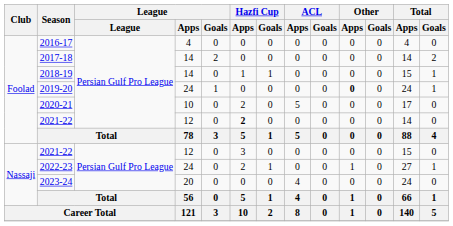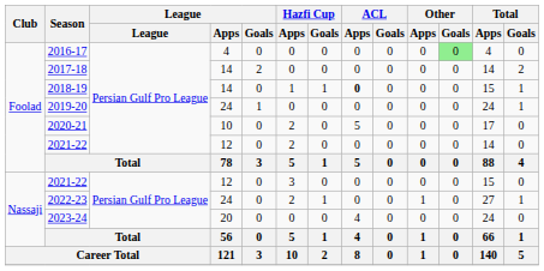 <table class="wikitable" style="text-align: center;">
 <tr>
 <th rowspan=2>Club</th>
 <th rowspan=2>Season</th>
 <th colspan=3>League</th>
 <th colspan="2"><a href='#'>Hazfi Cup</a></th>
 <th colspan="2"><a href='#'>ACL</a></th>
 <th colspan="2">Other</th>
 <th colspan="2">Total</th>
 </tr>
 <tr>
 <th>League</th>
 <th>Apps</th>
 <th>Goals</th>
 <th>Apps</th>
 <th>Goals</th>
 <th>Apps</th>
 <th>Goals</th>
 <th>Apps</th>
 <th>Goals</th>
 <th>Apps</th>
 <th>Goals</th>
 </tr>
 <tr>
 <td rowspan="7"><a href='#'>Foolad</a></td>
 <td><a href='#'>2016-17</a></td>
 <td rowspan="6"><a href='#'>Persian Gulf Pro League</a></td>
 <td>4</td>
 <td>0</td>
 <td>0</td>
 <td>0</td>
 <td>0</td>
 <td>0</td>
 <td>0</td>
-<td>0</td>
+<td style="background: lightgreen;">0</td>
 <td>4</td>
 <td>0</td>
 </tr>
 <tr>
 <td><a href='#'>2017-18</a></td>
 <td>14</td>
 <td>2</td>
 <td>0</td>
 <td>0</td>
 <td>0</td>
 <td>0</td>
 <td>0</td>
 <td>0</td>
 <td>14</td>
 <td>2</td>
 </tr>
 <tr>
 <td><a href='#'>2018-19</a></td>
 <td>14</td>
 <td>0</td>
 <td>1</td>
 <td>1</td>
-<td>0</td>
+<td><strong>0</strong></td>
 <td>0</td>
 <td>0</td>
 <td>0</td>
 <td>15</td>
 <td>1</td>
 </tr>
 <tr>
 <td><a href='#'>2019-20</a></td>
 <td>24</td>
 <td>1</td>
 <td>0</td>
 <td>0</td>
 <td>0</td>
 <td>0</td>
-<td><strong>0</strong></td>
+<td>0</td>
 <td>0</td>
 <td>24</td>
 <td>1</td>
 </tr>
 <tr>
 <td><a href='#'>2020-21</a></td>
 <td>10</td>
 <td>0</td>
 <td>2</td>
 <td>0</td>
 <td>5</td>
 <td>0</td>
 <td>0</td>
 <td>0</td>
 <td>17</td>
 <td>0</td>
 </tr>
 <tr>
 <td><a href='#'>2021-22</a></td>
 <td>12</td>
 <td>0</td>
-<td><strong>2</strong></td>
+<td>2</td>
 <td>0</td>
 <td>0</td>
 <td>0</td>
 <td>0</td>
 <td>0</td>
 <td>14</td>
 <td>0</td>
 </tr>
 <tr>
 <th colspan="2">Total</th>
 <th>78</th>
 <th>3</th>
 <th>5</th>
 <th>1</th>
 <th>5</th>
 <th>0</th>
 <th>0</th>
 <th>0</th>
 <th>88</th>
 <th>4</th>
 </tr>
 <tr>
 <td rowspan="4"><a href='#'>Nassaji</a></td>
 <td><a href='#'>2021-22</a></td>
 <td rowspan="3"><a href='#'>Persian Gulf Pro League</a></td>
 <td>12</td>
 <td>0</td>
 <td>3</td>
 <td>0</td>
 <td>0</td>
 <td>0</td>
 <td>0</td>
 <td>0</td>
 <td>15</td>
 <td>0</td>
 </tr>
 <tr>
 <td><a href='#'>2022-23</a></td>
 <td>24</td>
 <td>0</td>
 <td>2</td>
 <td>1</td>
 <td>0</td>
 <td>0</td>
 <td>1</td>
 <td>0</td>
 <td>27</td>
 <td>1</td>
 </tr>
 <tr>
 <td><a href='#'>2023-24</a></td>
 <td>20</td>
 <td>0</td>
 <td>0</td>
 <td>0</td>
 <td>4</td>
 <td>0</td>
 <td>0</td>
 <td>0</td>
 <td>24</td>
 <td>0</td>
 </tr>
 <tr>
 <th colspan="2">Total</th>
 <th>56</th>
 <th>0</th>
 <th>5</th>
 <th>1</th>
 <th>4</th>
 <th>0</th>
 <th>1</th>
 <th>0</th>
 <th>66</th>
 <th>1</th>
 </tr>
 <tr>
 <th colspan="3">Career Total</th>
 <th>121</th>
 <th>3</th>
 <th>10</th>
 <th>2</th>
 <th>8</th>
 <th>0</th>
 <th>1</th>
 <th>0</th>
 <th>140</th>
 <th>5</th>
 </tr>
 <tr>
 </tr>
 </table>
